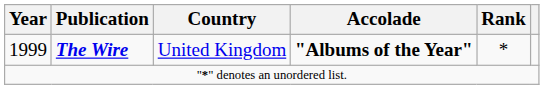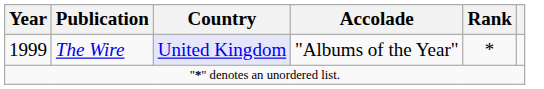 <table class="wikitable sortable" style="margin:0em 1em 1em 0pt">
 <tr>
 <th>Year</th>
 <th>Publication</th>
 <th>Country</th>
 <th>Accolade</th>
 <th>Rank</th>
 <th class=unsortable></th>
 </tr>
 <tr>
 <td align=center>1999</td>
-<td><strong><em><a href='#'>The Wire</a></em></strong></td>
-<td><a href='#'>United Kingdom</a></td>
-<td><strong>"Albums of the Year"</strong></td>
+<td><em><a href='#'>The Wire</a></em></td>
+<td style="background: lavender;"><a href='#'>United Kingdom</a></td>
+<td>"Albums of the Year"</td>
 <td align=center>*</td>
 <td></td>
 </tr>
 <tr class="sortbottom">
 <td colspan=6 style=font-size:8pt; align=center>"<strong>*</strong>" denotes an unordered list.</td>
 </tr>
 </table>
